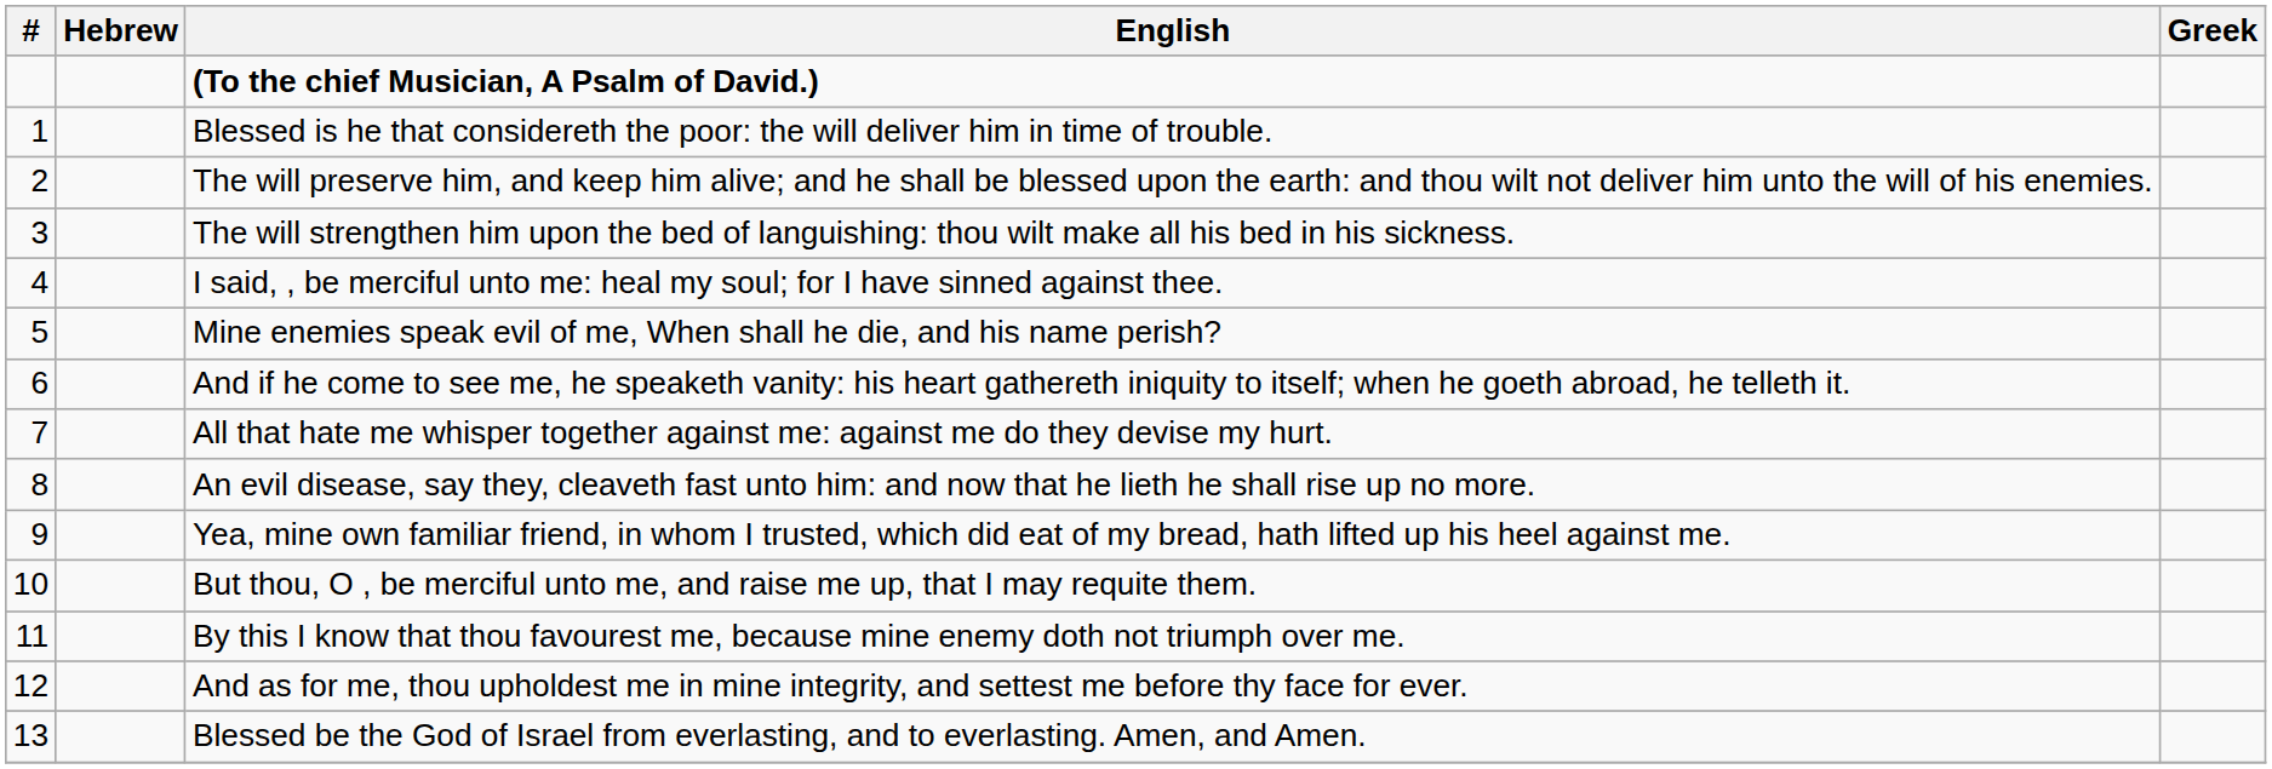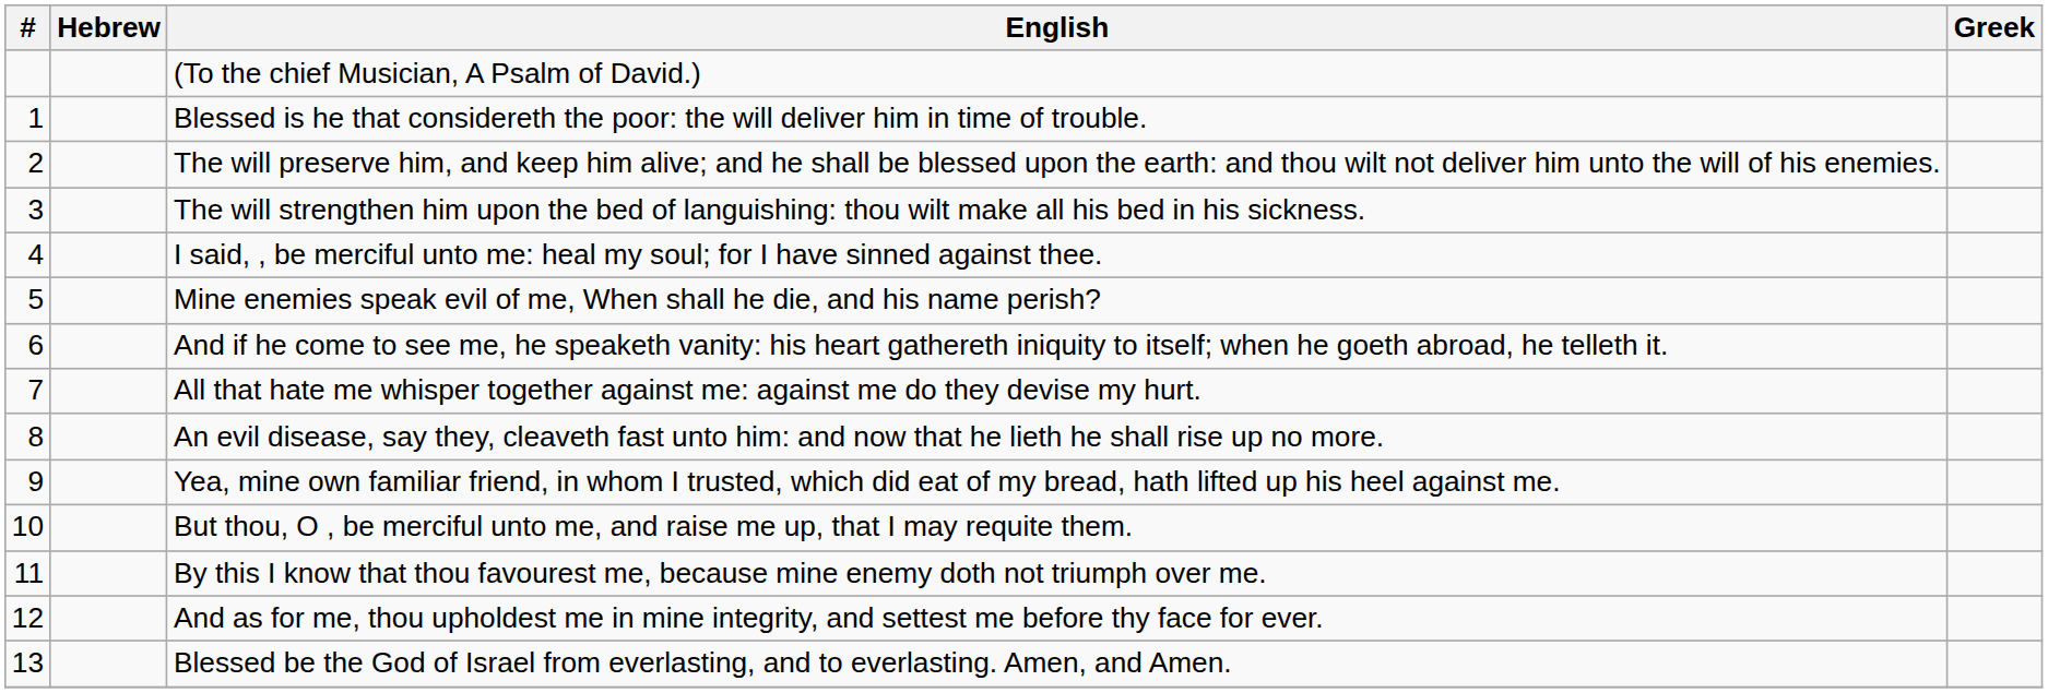 <table class=wikitable>
 <tr>
 <th>#</th>
 <th>Hebrew</th>
 <th>English</th>
 <th>Greek</th>
 </tr>
 <tr>
 <td style="text-align:right"></td>
 <td style="text-align:right"></td>
-<td><strong>(To the chief Musician, A Psalm of David.)</strong></td>
+<td>(To the chief Musician, A Psalm of David.)</td>
 <td></td>
 </tr>
 <tr>
 <td style="text-align:right">1</td>
 <td style="text-align:right"></td>
 <td>Blessed is he that considereth the poor: the  will deliver him in time of trouble.</td>
 <td></td>
 </tr>
 <tr>
 <td style="text-align:right">2</td>
 <td style="text-align:right"></td>
 <td>The  will preserve him, and keep him alive; and he shall be blessed upon the earth: and thou wilt not deliver him unto the will of his enemies.</td>
 <td></td>
 </tr>
 <tr>
 <td style="text-align:right">3</td>
 <td style="text-align:right"></td>
 <td>The  will strengthen him upon the bed of languishing: thou wilt make all his bed in his sickness.</td>
 <td></td>
 </tr>
 <tr>
 <td style="text-align:right">4</td>
 <td style="text-align:right"></td>
 <td>I said, , be merciful unto me: heal my soul; for I have sinned against thee.</td>
 <td></td>
 </tr>
 <tr>
 <td style="text-align:right">5</td>
 <td style="text-align:right"></td>
 <td>Mine enemies speak evil of me, When shall he die, and his name perish?</td>
 <td></td>
 </tr>
 <tr>
 <td style="text-align:right">6</td>
 <td style="text-align:right"></td>
 <td>And if he come to see me, he speaketh vanity: his heart gathereth iniquity to itself; when he goeth abroad, he telleth it.</td>
 <td></td>
 </tr>
 <tr>
 <td style="text-align:right">7</td>
 <td style="text-align:right"></td>
 <td>All that hate me whisper together against me: against me do they devise my hurt.</td>
 <td></td>
 </tr>
 <tr>
 <td style="text-align:right">8</td>
 <td style="text-align:right"></td>
 <td>An evil disease, say they, cleaveth fast unto him: and now that he lieth he shall rise up no more.</td>
 <td></td>
 </tr>
 <tr>
 <td style="text-align:right">9</td>
 <td style="text-align:right"></td>
 <td>Yea, mine own familiar friend, in whom I trusted, which did eat of my bread, hath lifted up his heel against me.</td>
 <td></td>
 </tr>
 <tr>
 <td style="text-align:right">10</td>
 <td style="text-align:right"></td>
 <td>But thou, O , be merciful unto me, and raise me up, that I may requite them.</td>
 <td></td>
 </tr>
 <tr>
 <td style="text-align:right">11</td>
 <td style="text-align:right"></td>
 <td>By this I know that thou favourest me, because mine enemy doth not triumph over me.</td>
 <td></td>
 </tr>
 <tr>
 <td style="text-align:right">12</td>
 <td style="text-align:right"></td>
 <td>And as for me, thou upholdest me in mine integrity, and settest me before thy face for ever.</td>
 <td></td>
 </tr>
 <tr>
 <td style="text-align:right">13</td>
 <td style="text-align:right"></td>
 <td>Blessed be the  God of Israel from everlasting, and to everlasting. Amen, and Amen.</td>
 <td></td>
 </tr>
 <tr>
 </tr>
 </table>
